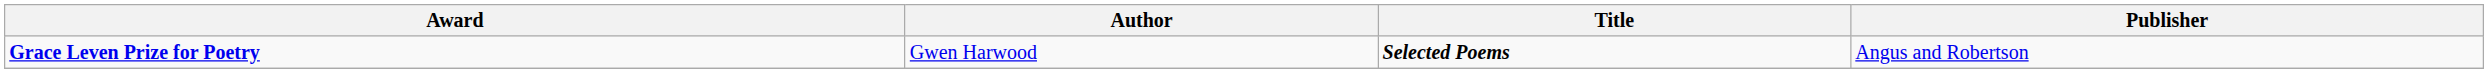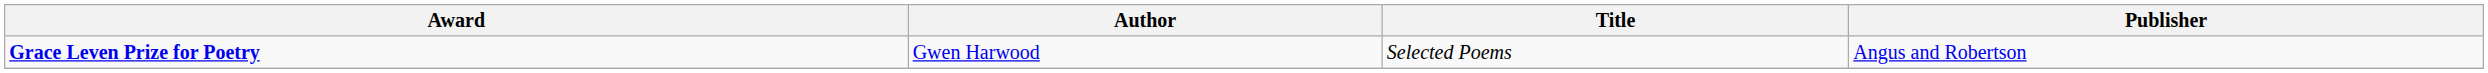 <table class="wikitable" width=100%>
 <tr>
 <th>Award</th>
 <th>Author</th>
 <th>Title</th>
 <th>Publisher</th>
 </tr>
 <tr>
 <td><strong><a href='#'>Grace Leven Prize for Poetry</a></strong></td>
 <td><a href='#'>Gwen Harwood</a></td>
-<td><strong><em>Selected Poems</em></strong></td>
+<td><em>Selected Poems</em></td>
 <td><a href='#'>Angus and Robertson</a></td>
 </tr>
 <tr>
 </tr>
 </table>
